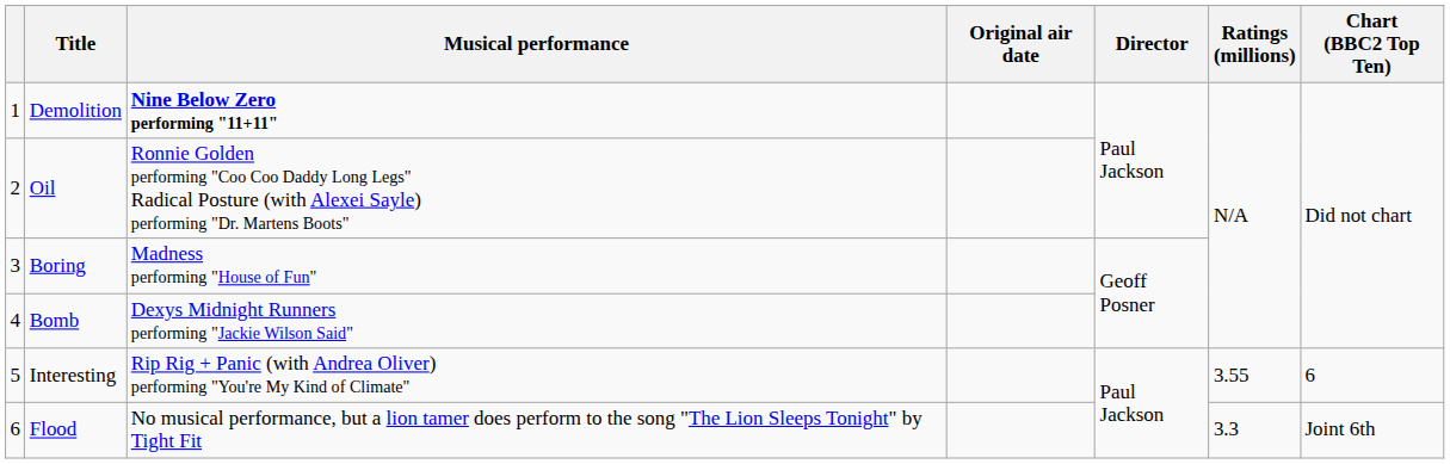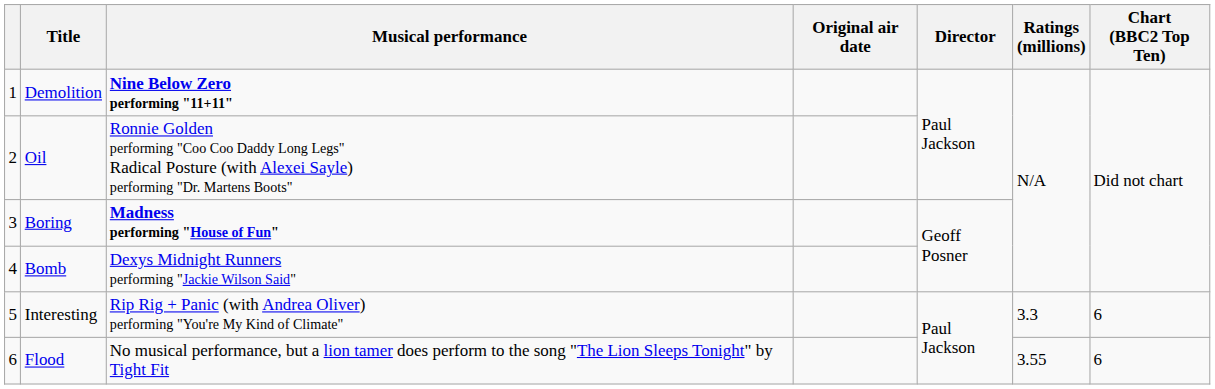 <table class="wikitable sortable" style="width:90%;">
 <tr>
 <th></th>
 <th>Title</th>
 <th>Musical performance</th>
 <th>Original air date</th>
 <th>Director</th>
 <th>Ratings<br>(millions)</th>
 <th>Chart<br>(BBC2 Top Ten)</th>
 </tr>
 <tr>
 <td>1</td>
 <td><a href='#'>Demolition</a></td>
 <td><strong><a href='#'>Nine Below Zero</a><br><small>performing "11+11"</small></strong></td>
 <td></td>
 <td rowspan="2">Paul Jackson</td>
 <td rowspan="4">N/A</td>
 <td rowspan="4">Did not chart </td>
 </tr>
 <tr>
 <td>2</td>
 <td><a href='#'>Oil</a></td>
 <td><a href='#'>Ronnie Golden</a><br><small>performing "Coo Coo Daddy Long Legs"</small><br>Radical Posture (with <a href='#'>Alexei Sayle</a>)<br><small>performing "Dr. Martens Boots"</small></td>
 <td></td>
 </tr>
 <tr>
 <td>3</td>
 <td><a href='#'>Boring</a></td>
-<td><a href='#'>Madness</a><br><small>performing "<a href='#'>House of Fun</a>"</small></td>
+<td><strong><a href='#'>Madness</a><br><small>performing "<a href='#'>House of Fun</a>"</small></strong></td>
 <td></td>
 <td rowspan="2">Geoff Posner</td>
 </tr>
 <tr>
 <td>4</td>
 <td><a href='#'>Bomb</a></td>
 <td><a href='#'>Dexys Midnight Runners</a><br><small>performing "<a href='#'>Jackie Wilson Said</a>"</small></td>
 <td></td>
 </tr>
 <tr>
 <td>5</td>
 <td>Interesting</td>
 <td><a href='#'>Rip Rig + Panic</a> (with <a href='#'>Andrea Oliver</a>)<br><small>performing "You're My Kind of Climate"</small></td>
 <td></td>
 <td rowspan="2">Paul Jackson</td>
-<td>3.55 </td>
+<td>3.3</td>
 <td>6</td>
 </tr>
 <tr>
 <td>6</td>
 <td><a href='#'>Flood</a></td>
 <td>No musical performance, but a <a href='#'>lion tamer</a> does perform to the song "<a href='#'>The Lion Sleeps Tonight</a>" by <a href='#'>Tight Fit</a></td>
 <td></td>
-<td>3.3</td>
-<td>Joint 6th</td>
+<td>3.55 </td>
+<td>6</td>
 </tr>
 </table>
